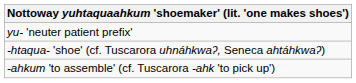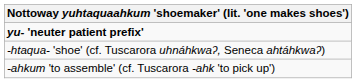 <table class="wikitable">
 <tr>
 <th>Nottoway <em>yuhtaquaahkum</em> 'shoemaker' (lit. 'one makes shoes')</th>
 </tr>
 <tr>
-<td><em>yu-</em>              'neuter patient prefix'</td>
+<td><strong><em>yu-</em>              'neuter patient prefix'</strong></td>
 </tr>
 <tr>
 <td><em>-htaqua-</em>     'shoe' (cf. Tuscarora <em>uhnáhkwaʔ,</em> Seneca <em>ahtáhkwaʔ</em>)</td>
 </tr>
 <tr>
 <td><em>-ahkum</em>       'to assemble' (cf. Tuscarora <em>-ahk</em> 'to pick up')</td>
 </tr>
 </table>
